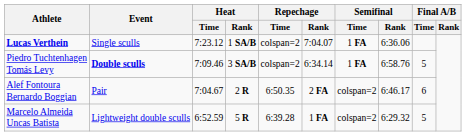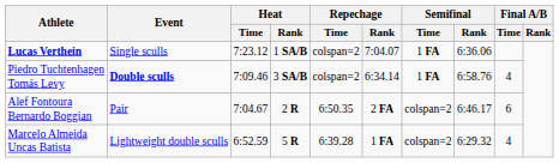 <table class=wikitable style=font-size:90%;text-align:center>
 <tr>
 <th rowspan=2>Athlete</th>
 <th rowspan=2>Event</th>
 <th colspan=2>Heat</th>
 <th colspan=2>Repechage</th>
 <th colspan=2>Semifinal</th>
 <th colspan=2>Final A/B</th>
 </tr>
 <tr style=font-size:95%>
 <th>Time</th>
 <th>Rank</th>
 <th>Time</th>
 <th>Rank</th>
 <th>Time</th>
 <th>Rank</th>
 <th>Time</th>
 <th>Rank</th>
 </tr>
 <tr>
 <td align=left><strong><a href='#'>Lucas Verthein</a></strong></td>
 <td align=left><a href='#'>Single sculls</a></td>
 <td>7:23.12</td>
 <td>1 <strong>SA/B</strong></td>
 <td>colspan=2 </td>
 <td>7:04.07</td>
 <td>1 <strong>FA</strong></td>
 <td>6:36.06</td>
 <td></td>
 </tr>
 <tr>
 <td align=left><a href='#'>Piedro Tuchtenhagen</a><br><a href='#'>Tomás Levy</a></td>
 <td align=left><strong><a href='#'>Double sculls</a></strong></td>
 <td>7:09.46</td>
 <td>3 <strong>SA/B</strong></td>
 <td>colspan=2 </td>
 <td>6:34.14</td>
 <td>1 <strong>FA</strong></td>
 <td>6:58.76</td>
-<td>5</td>
+<td>4</td>
 </tr>
 <tr>
 <td align=left><a href='#'>Alef Fontoura</a><br><a href='#'>Bernardo Boggian</a></td>
 <td align=left><a href='#'>Pair</a></td>
 <td>7:04.67</td>
 <td>2 <strong>R</strong></td>
 <td>6:50.35</td>
 <td>2 <strong>FA</strong></td>
 <td>colspan=2 </td>
 <td>6:46.17</td>
 <td>6</td>
 </tr>
 <tr>
 <td align=left><a href='#'>Marcelo Almeida</a><br><a href='#'>Uncas Batista</a></td>
 <td align=left><a href='#'>Lightweight double sculls</a></td>
 <td>6:52.59</td>
 <td>5 <strong>R</strong></td>
 <td>6:39.28</td>
 <td>1 <strong>FA</strong></td>
 <td>colspan=2 </td>
 <td>6:29.32</td>
-<td>5</td>
+<td>4</td>
 </tr>
 </table>
